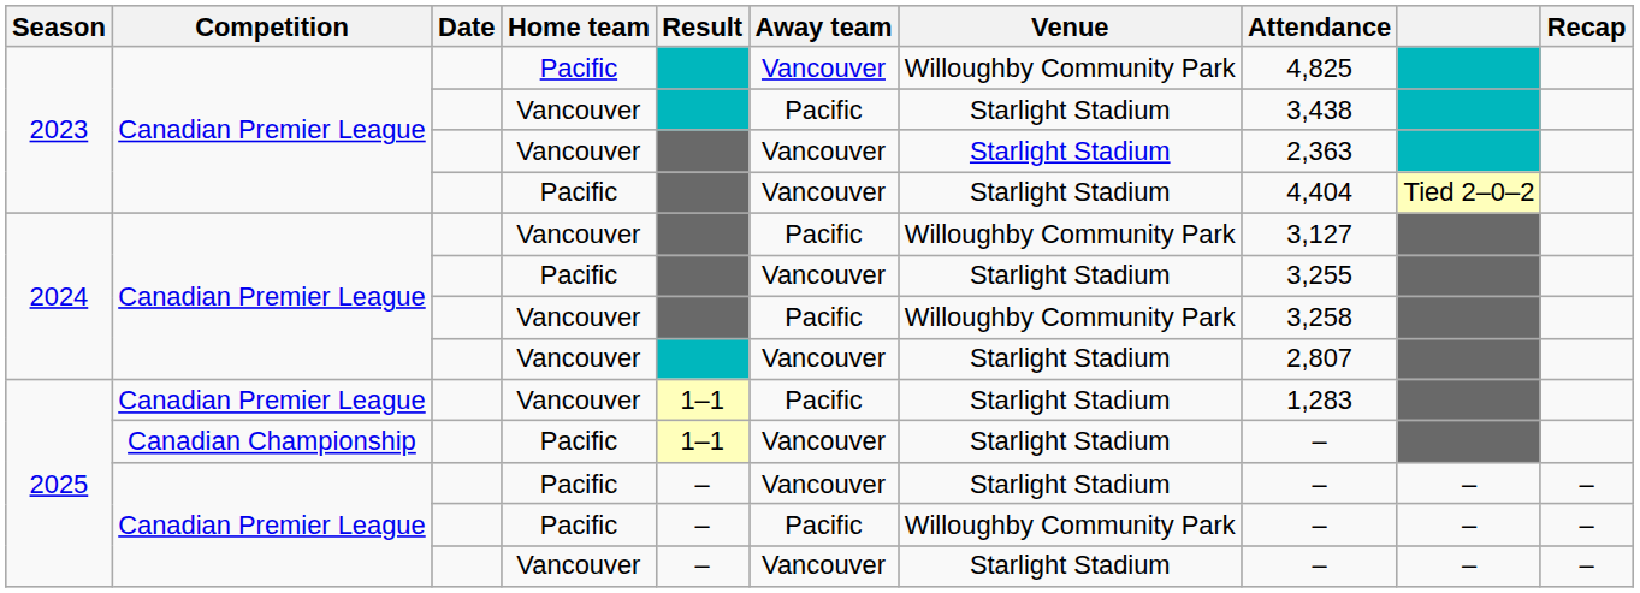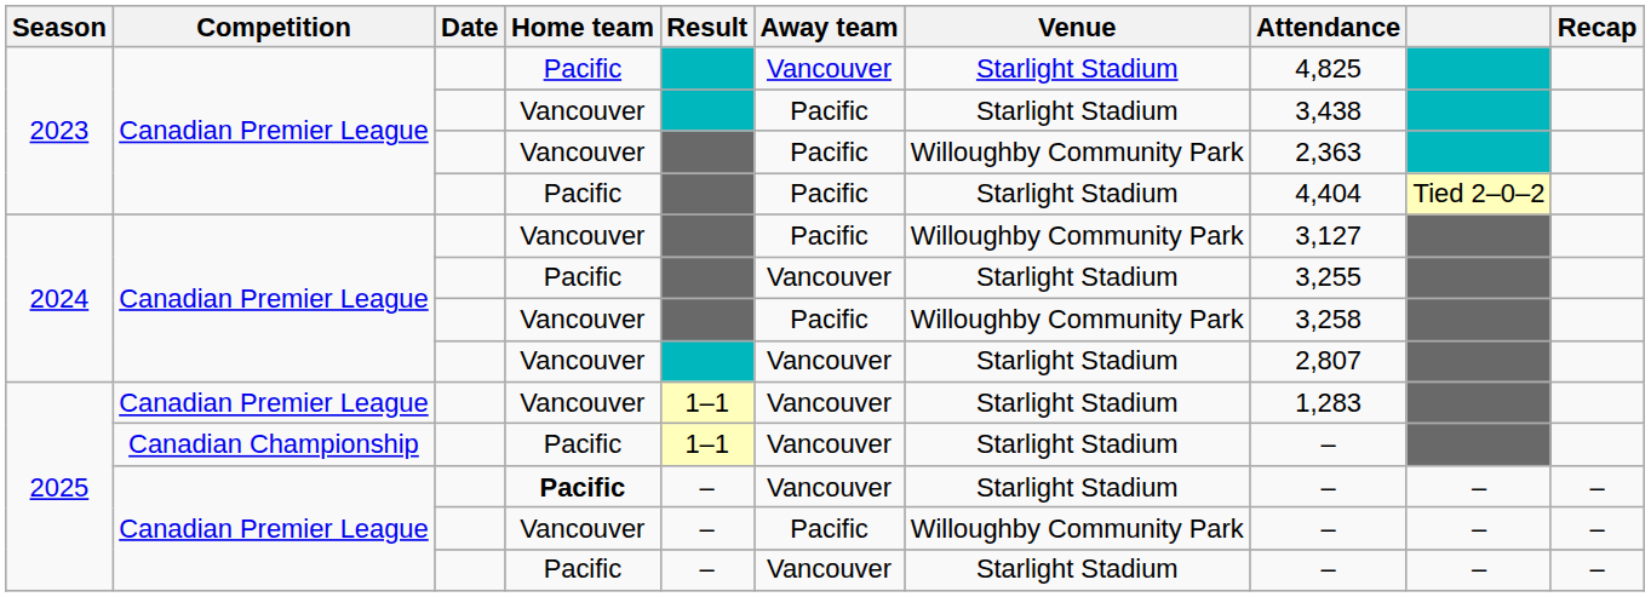 <table class="wikitable sortable" style="text-align: center; font-size: 85%">
 <tr>
 <th>Season</th>
 <th>Competition</th>
 <th>Date</th>
 <th>Home team</th>
 <th>Result</th>
 <th>Away team</th>
 <th>Venue</th>
 <th>Attendance</th>
 <th></th>
 <th>Recap</th>
 </tr>
 <tr>
 <td rowspan="4"><a href='#'>2023</a></td>
 <td rowspan="4"><a href='#'>Canadian Premier League</a></td>
 <td></td>
 <td><a href='#'>Pacific</a></td>
 <td style="text-align:center; background:#00b7bd;"></td>
 <td><a href='#'>Vancouver</a></td>
-<td>Willoughby Community Park</td>
+<td><a href='#'>Starlight Stadium</a></td>
 <td>4,825</td>
 <td style="background:#00b7bd;"></td>
 <td></td>
 </tr>
 <tr>
 <td></td>
 <td>Vancouver</td>
 <td style="text-align:center; background:#00b7bd;"></td>
 <td>Pacific</td>
 <td>Starlight Stadium</td>
 <td>3,438</td>
 <td style="background:#00b7bd;"></td>
 <td></td>
 </tr>
 <tr>
 <td></td>
 <td>Vancouver</td>
 <td style="text-align:center; background:#696969;"></td>
-<td>Vancouver</td>
-<td><a href='#'>Starlight Stadium</a></td>
+<td>Pacific</td>
+<td>Willoughby Community Park</td>
 <td>2,363</td>
 <td style="background:#00b7bd;"></td>
 <td></td>
 </tr>
 <tr>
 <td></td>
 <td>Pacific</td>
 <td style="text-align:center; background:#696969;"></td>
-<td>Vancouver</td>
+<td>Pacific</td>
 <td>Starlight Stadium</td>
 <td>4,404</td>
 <td style="background:#FFFFBB;">Tied 2–0–2</td>
 <td></td>
 </tr>
 <tr>
 <td rowspan="4"><a href='#'>2024</a></td>
 <td rowspan="4"><a href='#'>Canadian Premier League</a></td>
 <td></td>
 <td>Vancouver</td>
 <td style="text-align:center; background:#696969;"></td>
 <td>Pacific</td>
 <td>Willoughby Community Park</td>
 <td>3,127</td>
 <td style="background:#696969;"></td>
 <td></td>
 </tr>
 <tr>
 <td></td>
 <td>Pacific</td>
 <td style="text-align:center; background:#696969;"></td>
 <td>Vancouver</td>
 <td>Starlight Stadium</td>
 <td>3,255</td>
 <td style="background:#696969;"></td>
 <td></td>
 </tr>
 <tr>
 <td></td>
 <td>Vancouver</td>
 <td style="text-align:center; background:#696969;"></td>
 <td>Pacific</td>
 <td>Willoughby Community Park</td>
 <td>3,258</td>
 <td style="background:#696969;"></td>
 <td></td>
 </tr>
 <tr>
 <td></td>
 <td>Vancouver</td>
 <td style="text-align:center; background:#00b7bd;"></td>
 <td>Vancouver</td>
 <td>Starlight Stadium</td>
 <td>2,807</td>
 <td style="background:#696969;"></td>
 <td></td>
 </tr>
 <tr>
 <td rowspan="5"><a href='#'>2025</a></td>
 <td><a href='#'>Canadian Premier League</a></td>
 <td></td>
 <td>Vancouver</td>
 <td style="text-align:center; background:#FFFFBB;">1–1</td>
-<td>Pacific</td>
+<td>Vancouver</td>
 <td>Starlight Stadium</td>
 <td>1,283</td>
 <td style="background:#696969;"></td>
 <td></td>
 </tr>
 <tr>
 <td><a href='#'>Canadian Championship</a></td>
 <td></td>
 <td>Pacific</td>
 <td style="text-align:center; background:#FFFFBB;">1–1</td>
 <td>Vancouver</td>
 <td>Starlight Stadium</td>
 <td>–</td>
 <td style="background:#696969;"></td>
 <td></td>
 </tr>
 <tr>
 <td rowspan="3"><a href='#'>Canadian Premier League</a></td>
 <td></td>
-<td>Pacific</td>
+<td><strong>Pacific</strong></td>
 <td>–</td>
 <td>Vancouver</td>
 <td>Starlight Stadium</td>
 <td>–</td>
 <td>–</td>
 <td>–</td>
 </tr>
 <tr>
 <td></td>
-<td>Pacific</td>
+<td>Vancouver</td>
 <td>–</td>
 <td>Pacific</td>
 <td>Willoughby Community Park</td>
 <td>–</td>
 <td>–</td>
 <td>–</td>
 </tr>
 <tr>
 <td></td>
-<td>Vancouver</td>
+<td>Pacific</td>
 <td>–</td>
 <td>Vancouver</td>
 <td>Starlight Stadium</td>
 <td>–</td>
 <td>–</td>
 <td>–</td>
 </tr>
 </table>
